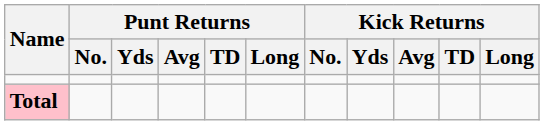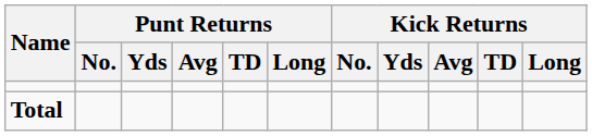 <table class="wikitable" style="white-space:nowrap;">
 <tr>
 <th rowspan="2">Name</th>
 <th colspan="5">Punt Returns</th>
 <th colspan="5">Kick Returns</th>
 </tr>
 <tr>
 <th>No.</th>
 <th>Yds</th>
 <th>Avg</th>
 <th>TD</th>
 <th>Long</th>
 <th>No.</th>
 <th>Yds</th>
 <th>Avg</th>
 <th>TD</th>
 <th>Long</th>
 </tr>
 <tr>
 <td></td>
 <td></td>
 <td></td>
 <td></td>
 <td></td>
 <td></td>
 <td></td>
 <td></td>
 <td></td>
 <td></td>
 <td></td>
 </tr>
 <tr>
-<td style="background: pink;"><strong>Total</strong></td>
+<td><strong>Total</strong></td>
 <td></td>
 <td></td>
 <td></td>
 <td></td>
 <td></td>
 <td></td>
 <td></td>
 <td></td>
 <td></td>
 <td></td>
 </tr>
 </table>
